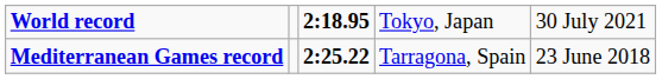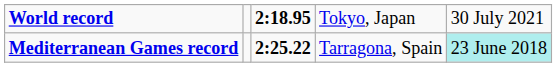 <table class="wikitable">
 <tr>
 <td><strong><a href='#'>World record</a></strong></td>
 <td></td>
 <td><strong>2:18.95</strong></td>
 <td><a href='#'>Tokyo</a>, Japan</td>
 <td>30 July 2021</td>
 </tr>
 <tr>
 <td><strong><a href='#'>Mediterranean Games record</a></strong></td>
 <td></td>
 <td><strong>2:25.22</strong></td>
 <td><a href='#'>Tarragona</a>, Spain</td>
-<td>23 June 2018</td>
+<td style="background: paleturquoise;">23 June 2018</td>
 </tr>
 </table>
